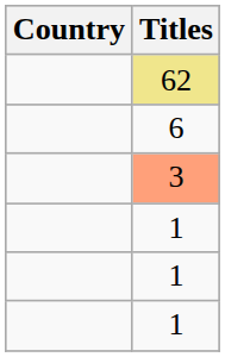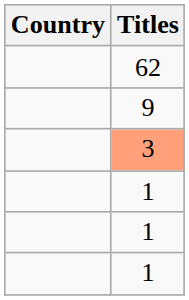 <table class="wikitable sortable">
 <tr>
 <th>Country</th>
 <th>Titles</th>
 </tr>
 <tr>
 <td></td>
-<td align="center" style="background: khaki;">62</td>
+<td align="center">62</td>
 </tr>
 <tr>
 <td></td>
-<td align="center">6</td>
+<td align="center">9</td>
 </tr>
 <tr>
 <td></td>
 <td align="center" style="background: lightsalmon;">3</td>
 </tr>
 <tr>
 <td></td>
 <td align="center">1</td>
 </tr>
 <tr>
 <td></td>
 <td align="center">1</td>
 </tr>
 <tr>
 <td></td>
 <td align="center">1</td>
 </tr>
 </table>
